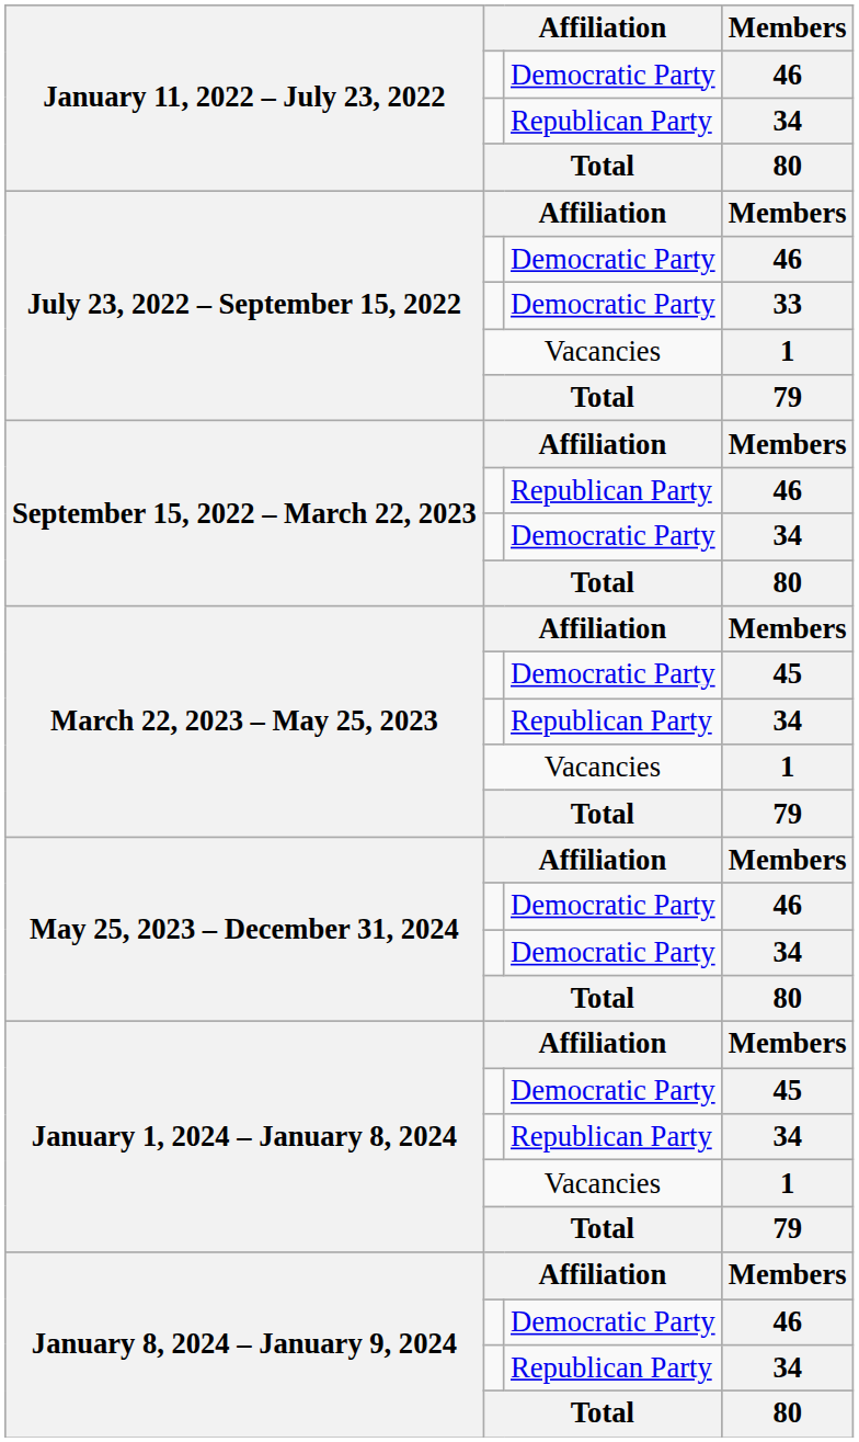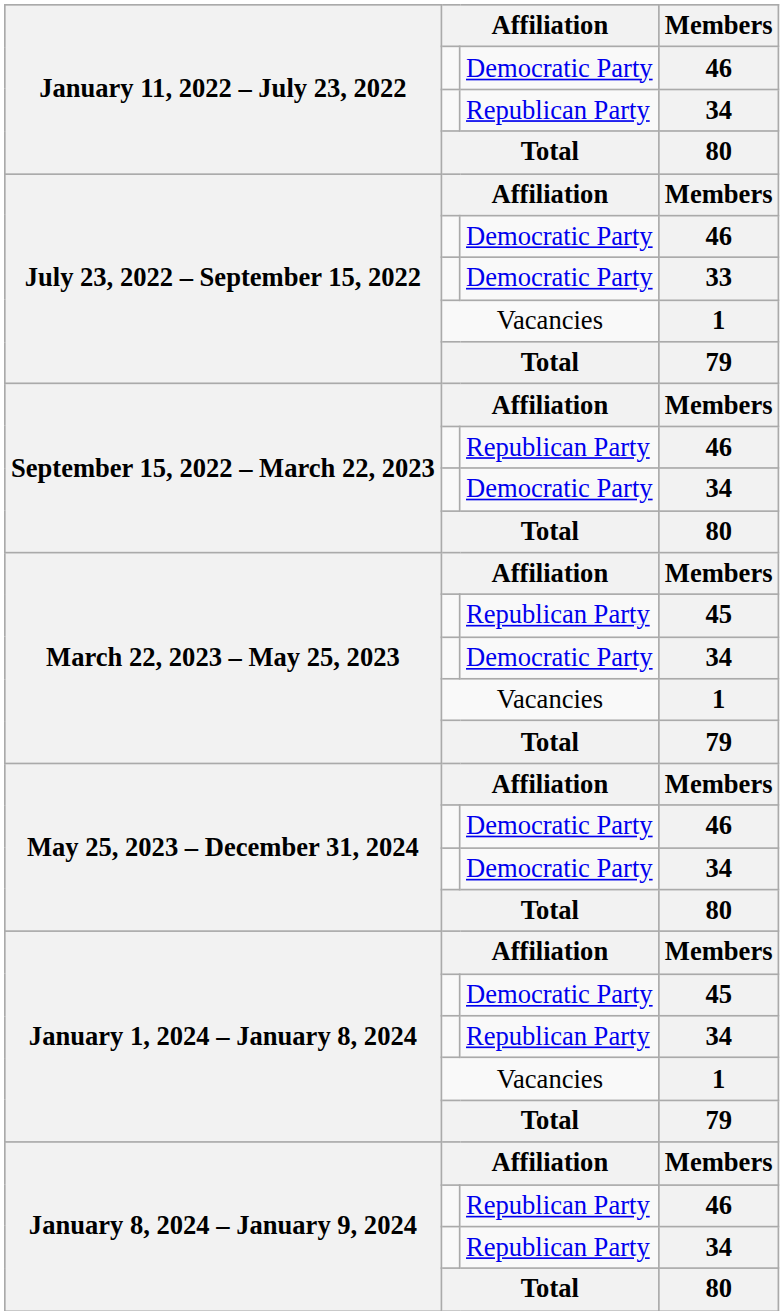 <table class="wikitable">
 <tr>
 <th rowspan=4>January 11, 2022 – July 23, 2022</th>
 <th colspan=2>Affiliation</th>
 <th>Members</th>
 </tr>
 <tr>
 <td style="background-color:"> </td>
 <td><a href='#'>Democratic Party</a></td>
 <th style="text-align:center;">46</th>
 </tr>
 <tr>
 <td style="background-color:"> </td>
 <td><a href='#'>Republican Party</a></td>
 <th style="text-align:center;">34</th>
 </tr>
 <tr>
 <th colspan=2 style="text-align:center;">Total</th>
 <th style="text-align:center;">80</th>
 </tr>
 <tr>
 <th rowspan=5>July 23, 2022 – September 15, 2022</th>
 <th colspan=2>Affiliation</th>
 <th>Members</th>
 </tr>
 <tr>
 <td style="background-color:"> </td>
 <td><a href='#'>Democratic Party</a></td>
 <th style="text-align:center;">46</th>
 </tr>
 <tr>
 <td style="background-color:"> </td>
 <td><a href='#'>Democratic Party</a></td>
 <th style="text-align:center;">33</th>
 </tr>
 <tr>
 <td colspan=2 style="text-align:center;">Vacancies</td>
 <th>1</th>
 </tr>
 <tr>
 <th colspan=2 style="text-align:center;">Total</th>
 <th style="text-align:center;">79</th>
 </tr>
 <tr>
 <th rowspan=4>September 15, 2022 – March 22, 2023</th>
 <th colspan=2>Affiliation</th>
 <th>Members</th>
 </tr>
 <tr>
 <td style="background-color:"> </td>
 <td><a href='#'>Republican Party</a></td>
 <th style="text-align:center;">46</th>
 </tr>
 <tr>
 <td style="background-color:"> </td>
 <td><a href='#'>Democratic Party</a></td>
 <th style="text-align:center;">34</th>
 </tr>
 <tr>
 <th colspan=2 style="text-align:center;">Total</th>
 <th style="text-align:center;">80</th>
 </tr>
 <tr>
 <th rowspan=5>March 22, 2023 – May 25, 2023</th>
 <th colspan=2>Affiliation</th>
 <th>Members</th>
 </tr>
 <tr>
 <td style="background-color:"> </td>
-<td><a href='#'>Democratic Party</a></td>
+<td><a href='#'>Republican Party</a></td>
 <th style="text-align:center;">45</th>
 </tr>
 <tr>
 <td style="background-color:"> </td>
-<td><a href='#'>Republican Party</a></td>
+<td><a href='#'>Democratic Party</a></td>
 <th style="text-align:center;">34</th>
 </tr>
 <tr>
 <td colspan=2 style="text-align:center;">Vacancies</td>
 <th>1</th>
 </tr>
 <tr>
 <th colspan=2 style="text-align:center;">Total</th>
 <th style="text-align:center;">79</th>
 </tr>
 <tr>
 <th rowspan=4>May 25, 2023 – December 31, 2024</th>
 <th colspan=2>Affiliation</th>
 <th>Members</th>
 </tr>
 <tr>
 <td style="background-color:"> </td>
 <td><a href='#'>Democratic Party</a></td>
 <th style="text-align:center;">46</th>
 </tr>
 <tr>
 <td style="background-color:"> </td>
 <td><a href='#'>Democratic Party</a></td>
 <th style="text-align:center;">34</th>
 </tr>
 <tr>
 <th colspan=2 style="text-align:center;">Total</th>
 <th style="text-align:center;">80</th>
 </tr>
 <tr>
 <th rowspan=5>January 1, 2024 – January 8, 2024</th>
 <th colspan=2>Affiliation</th>
 <th>Members</th>
 </tr>
 <tr>
 <td style="background-color:"> </td>
 <td><a href='#'>Democratic Party</a></td>
 <th style="text-align:center;">45</th>
 </tr>
 <tr>
 <td style="background-color:"> </td>
 <td><a href='#'>Republican Party</a></td>
 <th style="text-align:center;">34</th>
 </tr>
 <tr>
 <td colspan=2 style="text-align:center;">Vacancies</td>
 <th>1</th>
 </tr>
 <tr>
 <th colspan=2 style="text-align:center;">Total</th>
 <th style="text-align:center;">79</th>
 </tr>
 <tr>
 <th rowspan=5>January 8, 2024 – January 9, 2024</th>
 <th colspan=2>Affiliation</th>
 <th>Members</th>
 </tr>
 <tr>
 <td style="background-color:"> </td>
-<td><a href='#'>Democratic Party</a></td>
+<td><a href='#'>Republican Party</a></td>
 <th style="text-align:center;">46</th>
 </tr>
 <tr>
 <td style="background-color:"> </td>
 <td><a href='#'>Republican Party</a></td>
 <th style="text-align:center;">34</th>
 </tr>
 <tr>
 <th colspan=2 style="text-align:center;">Total</th>
 <th style="text-align:center;">80</th>
 </tr>
 </table>
